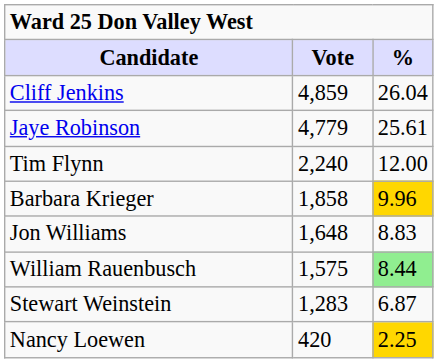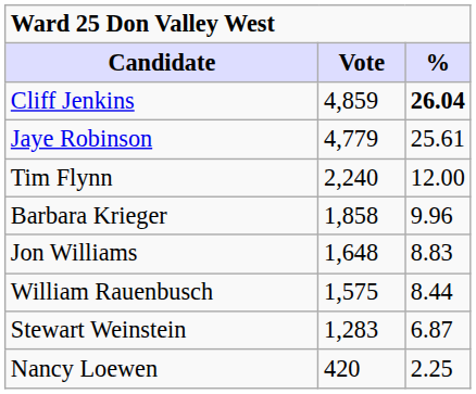 <table class="wikitable plainrowheaders">
 <tr>
 <td colspan="3"><strong>Ward 25 Don Valley West</strong></td>
 </tr>
 <tr>
 <th style="background:#ddf; width:200px;">Candidate</th>
 <th style="background:#ddf; width:50px;">Vote</th>
 <th style="background:#ddf; width:30px;">%</th>
 </tr>
 <tr>
 <td><a href='#'>Cliff Jenkins</a></td>
 <td>4,859</td>
-<td>26.04</td>
+<td><strong>26.04</strong></td>
 </tr>
 <tr>
 <td><a href='#'>Jaye Robinson</a></td>
 <td>4,779</td>
 <td>25.61</td>
 </tr>
 <tr>
 <td>Tim Flynn</td>
 <td>2,240</td>
 <td>12.00</td>
 </tr>
 <tr>
 <td>Barbara Krieger</td>
 <td>1,858</td>
-<td style="background: gold;">9.96</td>
+<td>9.96</td>
 </tr>
 <tr>
 <td>Jon Williams</td>
 <td>1,648</td>
 <td>8.83</td>
 </tr>
 <tr>
 <td>William Rauenbusch</td>
 <td>1,575</td>
-<td style="background: lightgreen;">8.44</td>
+<td>8.44</td>
 </tr>
 <tr>
 <td>Stewart Weinstein</td>
 <td>1,283</td>
 <td>6.87</td>
 </tr>
 <tr>
 <td>Nancy Loewen</td>
 <td>420</td>
-<td style="background: gold;">2.25</td>
+<td>2.25</td>
 </tr>
 </table>
